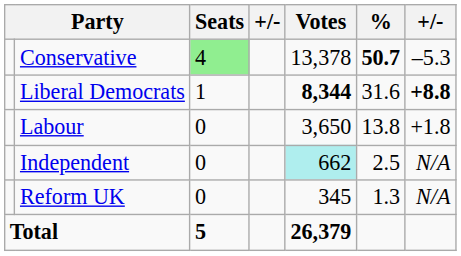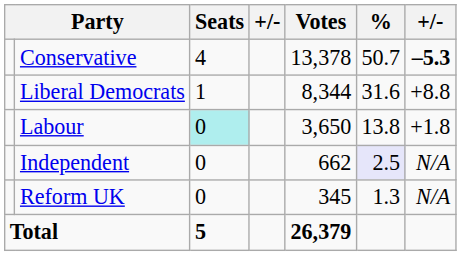 <table class="wikitable sortable">
 <tr>
 <th colspan="2">Party</th>
 <th>Seats</th>
 <th>+/-</th>
 <th>Votes</th>
 <th>%</th>
 <th>+/-</th>
 </tr>
 <tr>
 <td style="background-color: "></td>
 <td><a href='#'>Conservative</a></td>
-<td style="background: lightgreen;">4</td>
+<td>4</td>
 <td></td>
 <td style="text-align:right;">13,378</td>
-<td style="text-align:right;"><strong>50.7</strong></td>
-<td style="text-align:right;">–5.3</td>
+<td style="text-align:right;">50.7</td>
+<td style="text-align:right;"><strong>–5.3</strong></td>
 </tr>
 <tr>
 <td style="background-color: "></td>
 <td><a href='#'>Liberal Democrats</a></td>
 <td>1</td>
 <td></td>
-<td style="text-align:right;"><strong>8,344</strong></td>
+<td style="text-align:right;">8,344</td>
 <td style="text-align:right;">31.6</td>
-<td style="text-align:right;"><strong>+8.8</strong></td>
+<td style="text-align:right;">+8.8</td>
 </tr>
 <tr>
 <td style="background-color: "></td>
 <td><a href='#'>Labour</a></td>
-<td>0</td>
+<td style="background: paleturquoise;">0</td>
 <td></td>
 <td style="text-align:right;">3,650</td>
 <td style="text-align:right;">13.8</td>
 <td style="text-align:right;">+1.8</td>
 </tr>
 <tr>
 <td style="background-color: "></td>
 <td><a href='#'>Independent</a></td>
 <td>0</td>
 <td></td>
-<td style="background: paleturquoise; text-align:right;">662</td>
-<td style="text-align:right;">2.5</td>
+<td style="text-align:right;">662</td>
+<td style="background: lavender; text-align:right;">2.5</td>
 <td style="text-align:right;"><em>N/A</em></td>
 </tr>
 <tr>
 <td style="background-color: "></td>
 <td><a href='#'>Reform UK</a></td>
 <td>0</td>
 <td></td>
 <td style="text-align:right;">345</td>
 <td style="text-align:right;">1.3</td>
 <td style="text-align:right;"><em>N/A</em></td>
 </tr>
 <tr>
 <td colspan="2"><strong>Total</strong></td>
 <td><strong>5</strong></td>
 <td></td>
 <td style="text-align:right;"><strong>26,379</strong></td>
 <td style="text-align:right;"></td>
 <td style="text-align:right;"></td>
 </tr>
 </table>
